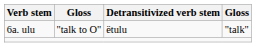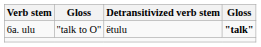 <table class="wikitable">
 <tr>
 <th>Verb stem</th>
 <th>Gloss</th>
 <th>Detransitivized verb stem</th>
 <th>Gloss</th>
 </tr>
 <tr>
 <td>6a. ulu</td>
 <td>"talk to O"</td>
 <td>ëtulu</td>
-<td>"talk"</td>
+<td><strong>"talk"</strong></td>
 </tr>
 <tr>
 <td colspan="4"></td>
 </tr>
 </table>
